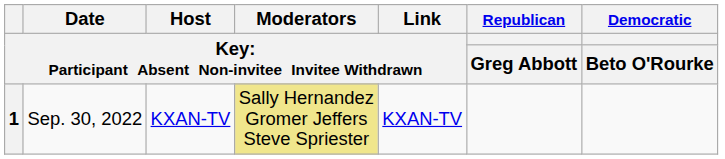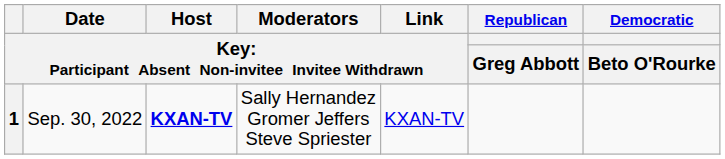 <table class="wikitable" style="text-align:center;">
 <tr>
 <th scope="col"></th>
 <th scope="col">Date</th>
 <th scope="col">Host</th>
 <th scope="col">Moderators</th>
 <th scope="col">Link</th>
 <th scope="col"><small><a href='#'>Republican</a></small></th>
 <th scope="col"><small><a href='#'>Democratic</a></small></th>
 </tr>
 <tr>
 <th colspan="5" rowspan="2">Key:<br> <small>Participant </small>  <small>Absent </small>  <small>Non-invitee </small>  <small>Invitee  Withdrawn</small></th>
 <th scope="col" style="background:"></th>
 <th scope="col" style="background:"></th>
 </tr>
 <tr>
 <th scope="col">Greg Abbott</th>
 <th scope="col">Beto O'Rourke</th>
 </tr>
 <tr>
 <th scope="row">1</th>
 <td style="white-space:nowrap;">Sep. 30, 2022</td>
-<td style="white-space:nowrap;"><a href='#'>KXAN-TV</a></td>
-<td style="background: khaki; white-space:nowrap;">Sally Hernandez<br>Gromer Jeffers<br>Steve Spriester</td>
+<td style="white-space:nowrap;"><strong><a href='#'>KXAN-TV</a></strong></td>
+<td style="white-space:nowrap;">Sally Hernandez<br>Gromer Jeffers<br>Steve Spriester</td>
 <td style="white-space:nowrap;"><a href='#'>KXAN-TV</a></td>
 <td></td>
 <td></td>
 </tr>
 </table>
